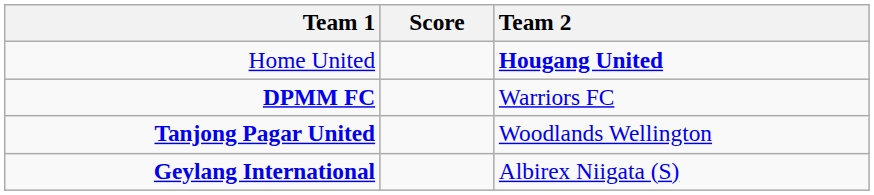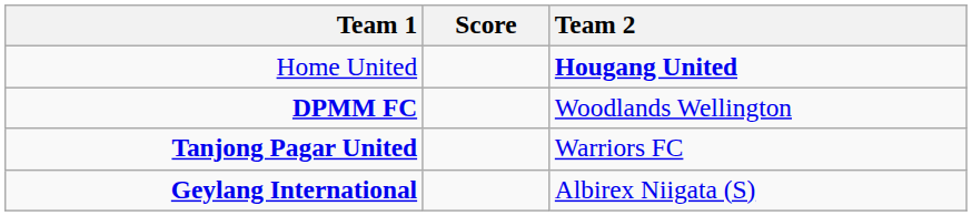 <table class="wikitable" style="align:center">
 <tr>
 <th width=250 style="text-align:right">Team 1</th>
 <th width=70 style="text-align:center">Score</th>
 <th width=250 style="text-align:left">Team 2</th>
 </tr>
 <tr>
 <td align="right"><a href='#'>Home United</a></td>
 <td align="center"><span><strong></strong></span></td>
 <td><strong><a href='#'>Hougang United</a></strong></td>
 </tr>
 <tr>
 <td align="right"><strong><a href='#'>DPMM FC</a> </strong></td>
 <td align="center"><span><strong></strong></span></td>
-<td><a href='#'>Warriors FC</a></td>
+<td><a href='#'>Woodlands Wellington</a></td>
 </tr>
 <tr>
 <td align="right"><strong><a href='#'>Tanjong Pagar United</a></strong></td>
 <td align="center"><span><strong></strong></span></td>
-<td><a href='#'>Woodlands Wellington</a></td>
+<td><a href='#'>Warriors FC</a></td>
 </tr>
 <tr>
 <td align="right"><strong><a href='#'>Geylang International</a></strong></td>
 <td align="center"><span><strong></strong></span></td>
 <td> <a href='#'>Albirex Niigata (S)</a></td>
 </tr>
 </table>
